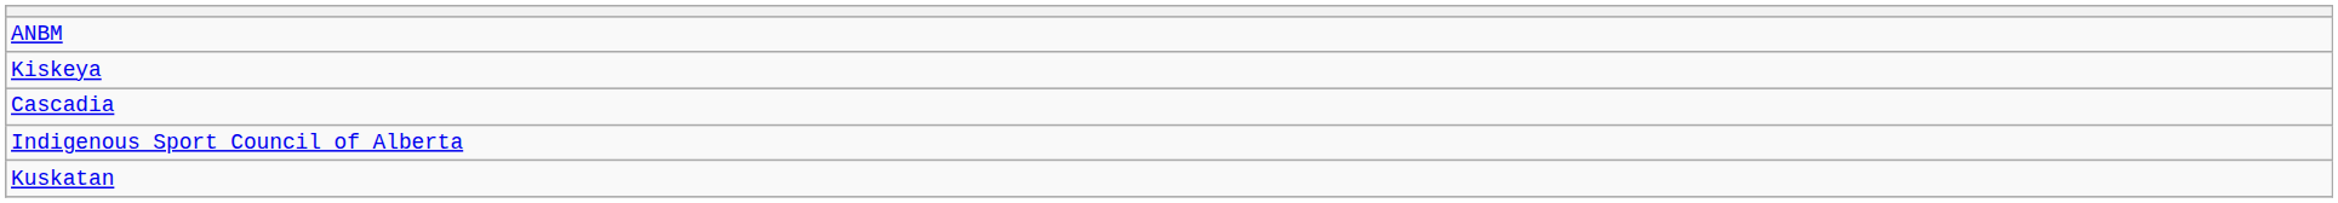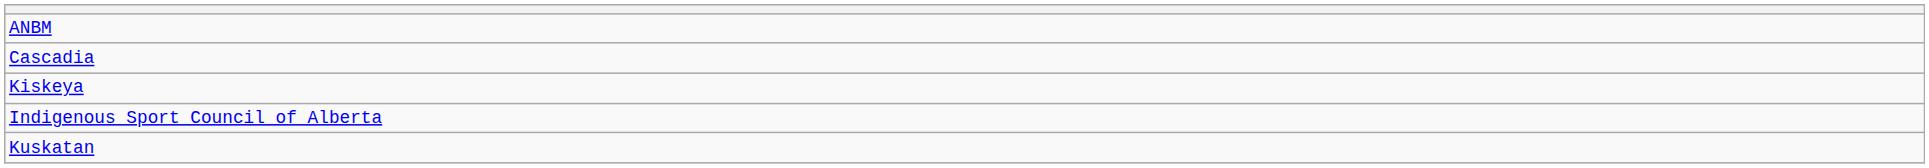 <table class="wikitable" style="font-size:90%" width=100%>
 <tr>
 <th scope="col"></th>
 </tr>
 <tr>
 <td> <a href='#'>ANBM</a></td>
 </tr>
 <tr>
-<td> <a href='#'>Kiskeya</a></td>
+<td> <a href='#'>Cascadia</a></td>
 </tr>
 <tr>
-<td> <a href='#'>Cascadia</a></td>
+<td> <a href='#'>Kiskeya</a></td>
 </tr>
 <tr>
 <td> <a href='#'>Indigenous Sport Council of Alberta</a></td>
 </tr>
 <tr>
 <td> <a href='#'>Kuskatan</a></td>
 </tr>
 </table>
